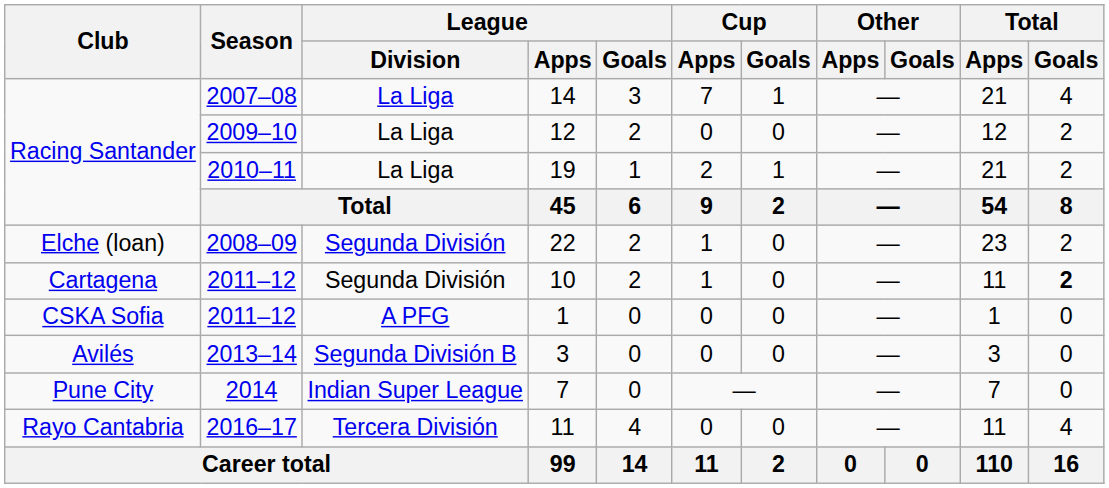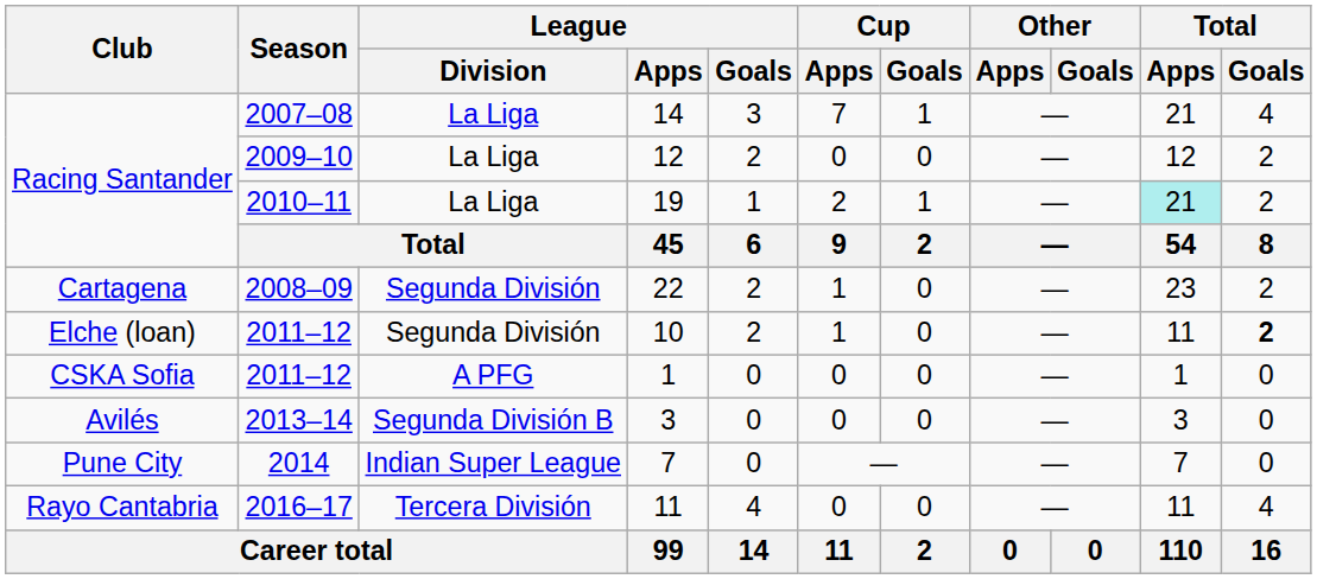 <table class="wikitable" style="text-align:center">
 <tr>
 <th rowspan="2">Club</th>
 <th rowspan="2">Season</th>
 <th colspan="3">League</th>
 <th colspan="2">Cup</th>
 <th colspan="2">Other</th>
 <th colspan="2">Total</th>
 </tr>
 <tr>
 <th>Division</th>
 <th>Apps</th>
 <th>Goals</th>
 <th>Apps</th>
 <th>Goals</th>
 <th>Apps</th>
 <th>Goals</th>
 <th>Apps</th>
 <th>Goals</th>
 </tr>
 <tr>
 <td rowspan="4"><a href='#'>Racing Santander</a></td>
 <td><a href='#'>2007–08</a></td>
 <td><a href='#'>La Liga</a></td>
 <td>14</td>
 <td>3</td>
 <td>7</td>
 <td>1</td>
 <td colspan="2">—</td>
 <td>21</td>
 <td>4</td>
 </tr>
 <tr>
 <td><a href='#'>2009–10</a></td>
 <td>La Liga</td>
 <td>12</td>
 <td>2</td>
 <td>0</td>
 <td>0</td>
 <td colspan="2">—</td>
 <td>12</td>
 <td>2</td>
 </tr>
 <tr>
 <td><a href='#'>2010–11</a></td>
 <td>La Liga</td>
 <td>19</td>
 <td>1</td>
 <td>2</td>
 <td>1</td>
 <td colspan="2">—</td>
-<td>21</td>
+<td style="background: paleturquoise;">21</td>
 <td>2</td>
 </tr>
 <tr>
 <th colspan="2">Total</th>
 <th>45</th>
 <th>6</th>
 <th>9</th>
 <th>2</th>
 <th colspan="2">—</th>
 <th>54</th>
 <th>8</th>
 </tr>
 <tr>
-<td><a href='#'>Elche</a> (loan)</td>
+<td><a href='#'>Cartagena</a></td>
 <td><a href='#'>2008–09</a></td>
 <td><a href='#'>Segunda División</a></td>
 <td>22</td>
 <td>2</td>
 <td>1</td>
 <td>0</td>
 <td colspan="2">—</td>
 <td>23</td>
 <td>2</td>
 </tr>
 <tr>
-<td><a href='#'>Cartagena</a></td>
+<td><a href='#'>Elche</a> (loan)</td>
 <td><a href='#'>2011–12</a></td>
 <td>Segunda División</td>
 <td>10</td>
 <td>2</td>
 <td>1</td>
 <td>0</td>
 <td colspan="2">—</td>
 <td>11</td>
 <td><strong>2</strong></td>
 </tr>
 <tr>
 <td><a href='#'>CSKA Sofia</a></td>
 <td><a href='#'>2011–12</a></td>
 <td><a href='#'>A PFG</a></td>
 <td>1</td>
 <td>0</td>
 <td>0</td>
 <td>0</td>
 <td colspan="2">—</td>
 <td>1</td>
 <td>0</td>
 </tr>
 <tr>
 <td><a href='#'>Avilés</a></td>
 <td><a href='#'>2013–14</a></td>
 <td><a href='#'>Segunda División B</a></td>
 <td>3</td>
 <td>0</td>
 <td>0</td>
 <td>0</td>
 <td colspan="2">—</td>
 <td>3</td>
 <td>0</td>
 </tr>
 <tr>
 <td><a href='#'>Pune City</a></td>
 <td><a href='#'>2014</a></td>
 <td><a href='#'>Indian Super League</a></td>
 <td>7</td>
 <td>0</td>
 <td colspan="2">—</td>
 <td colspan="2">—</td>
 <td>7</td>
 <td>0</td>
 </tr>
 <tr>
 <td><a href='#'>Rayo Cantabria</a></td>
 <td><a href='#'>2016–17</a></td>
 <td><a href='#'>Tercera División</a></td>
 <td>11</td>
 <td>4</td>
 <td>0</td>
 <td>0</td>
 <td colspan="2">—</td>
 <td>11</td>
 <td>4</td>
 </tr>
 <tr>
 <th colspan="3">Career total</th>
 <th>99</th>
 <th>14</th>
 <th>11</th>
 <th>2</th>
 <th>0</th>
 <th>0</th>
 <th>110</th>
 <th>16</th>
 </tr>
 </table>
